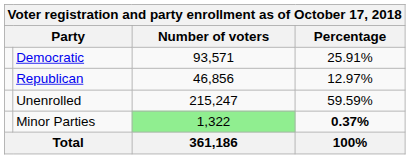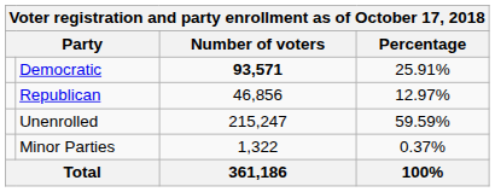 <table class=wikitable>
 <tr>
 <th colspan = 6>Voter registration and party enrollment as of October 17, 2018</th>
 </tr>
 <tr>
 <th colspan = 2>Party</th>
 <th>Number of voters</th>
 <th>Percentage</th>
 </tr>
 <tr>
 <td></td>
 <td><a href='#'>Democratic</a></td>
-<td align = center>93,571</td>
+<td align = center><strong>93,571</strong></td>
 <td align = center>25.91%</td>
 </tr>
 <tr>
 <td></td>
 <td><a href='#'>Republican</a></td>
 <td align = center>46,856</td>
 <td align = center>12.97%</td>
 </tr>
 <tr>
 <td></td>
 <td>Unenrolled</td>
 <td align = center>215,247</td>
 <td align = center>59.59%</td>
 </tr>
 <tr>
 <td></td>
 <td>Minor Parties</td>
-<td align = center style="background: lightgreen;">1,322</td>
-<td align = center><strong>0.37%</strong></td>
+<td align = center>1,322</td>
+<td align = center>0.37%</td>
 </tr>
 <tr>
 <th colspan = 2>Total</th>
 <th align = center>361,186</th>
 <th align = center>100%</th>
 </tr>
 </table>
